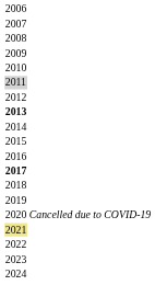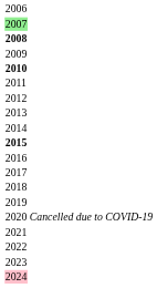 <table>
 <tr>
 <td>2006</td>
 <td></td>
 <td></td>
 <td></td>
 <td></td>
 </tr>
 <tr>
-<td>2007</td>
+<td style="background: lightgreen;">2007</td>
 <td></td>
 <td></td>
 <td></td>
 <td></td>
 </tr>
 <tr>
-<td>2008</td>
+<td><strong>2008</strong></td>
 <td></td>
 <td></td>
 <td></td>
 <td></td>
 </tr>
 <tr>
 <td>2009</td>
 <td></td>
 <td></td>
 <td></td>
 <td></td>
 </tr>
 <tr>
-<td>2010</td>
+<td><strong>2010</strong></td>
 <td></td>
 <td></td>
 <td></td>
 <td></td>
 </tr>
 <tr>
-<td style="background: lightgrey;">2011</td>
+<td>2011</td>
 <td></td>
 <td></td>
 <td></td>
 <td></td>
 </tr>
 <tr>
 <td>2012</td>
 <td></td>
 <td></td>
 <td></td>
 <td></td>
 </tr>
 <tr>
-<td><strong>2013</strong></td>
+<td>2013</td>
 <td></td>
 <td></td>
 <td></td>
 <td></td>
 </tr>
 <tr>
 <td>2014</td>
 <td></td>
 <td></td>
 <td></td>
 <td></td>
 </tr>
 <tr>
-<td>2015</td>
+<td><strong>2015</strong></td>
 <td></td>
 <td></td>
 <td></td>
 <td></td>
 </tr>
 <tr>
 <td>2016</td>
 <td></td>
 <td></td>
 <td></td>
 <td></td>
 </tr>
 <tr>
-<td><strong>2017</strong></td>
+<td>2017</td>
 <td></td>
 <td></td>
 <td></td>
 <td></td>
 </tr>
 <tr>
 <td>2018</td>
 <td></td>
 <td></td>
 <td></td>
 <td></td>
 </tr>
 <tr>
 <td>2019</td>
 <td></td>
 <td></td>
 <td></td>
 <td></td>
 </tr>
 <tr>
 <td>2020</td>
 <td colspan=3 align="center"><em>Cancelled due to COVID-19</em></td>
 <td></td>
 </tr>
 <tr>
-<td style="background: khaki;">2021</td>
+<td>2021</td>
 <td></td>
 <td></td>
 <td></td>
 <td></td>
 </tr>
 <tr>
 <td>2022</td>
 <td></td>
 <td></td>
 <td></td>
 <td></td>
 </tr>
 <tr>
 <td>2023</td>
 <td></td>
 <td></td>
 <td></td>
 </tr>
 <tr>
-<td>2024</td>
+<td style="background: pink;">2024</td>
 <td></td>
 <td></td>
 <td></td>
 <td></td>
 </tr>
 <tr>
 </tr>
 </table>
